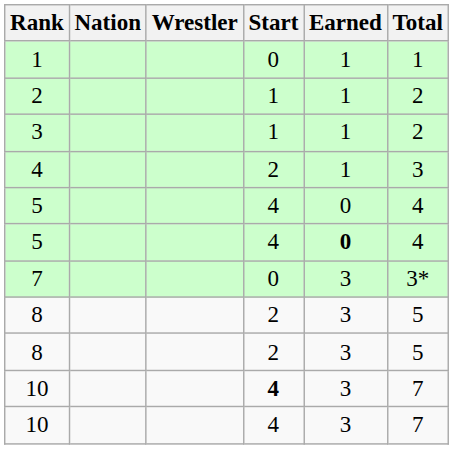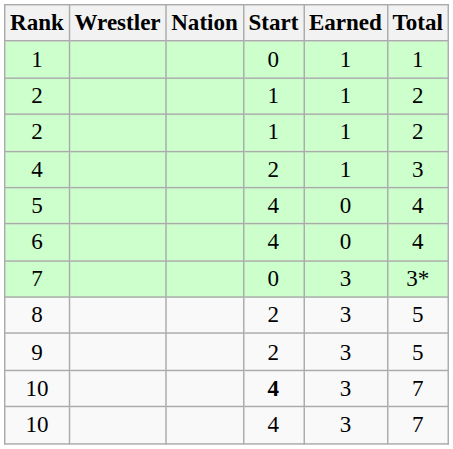 <table class="wikitable sortable" style="text-align:center;">
 <tr>
 <th>Rank</th>
+<th>Wrestler</th>
 <th>Nation</th>
-<th>Wrestler</th>
 <th>Start</th>
 <th>Earned</th>
 <th>Total</th>
 </tr>
 <tr style="background:#cfc;">
 <td>1</td>
 <td align=left></td>
 <td align=left></td>
 <td>0</td>
 <td>1</td>
 <td>1</td>
 </tr>
 <tr style="background:#cfc;">
 <td>2</td>
 <td align=left></td>
 <td align=left></td>
 <td>1</td>
 <td>1</td>
 <td>2</td>
 </tr>
 <tr style="background:#cfc;">
-<td>3</td>
+<td>2</td>
 <td align=left></td>
 <td align=left></td>
 <td>1</td>
 <td>1</td>
 <td>2</td>
 </tr>
 <tr style="background:#cfc;">
 <td>4</td>
 <td align=left></td>
 <td align=left></td>
 <td>2</td>
 <td>1</td>
 <td>3</td>
 </tr>
 <tr style="background:#cfc;">
 <td>5</td>
 <td align=left></td>
 <td align=left></td>
 <td>4</td>
 <td>0</td>
 <td>4</td>
 </tr>
 <tr style="background:#cfc;">
-<td>5</td>
+<td>6</td>
 <td align=left></td>
 <td align=left></td>
 <td>4</td>
-<td><strong>0</strong></td>
+<td>0</td>
 <td>4</td>
 </tr>
 <tr style="background:#cfc;">
 <td>7</td>
 <td align=left></td>
 <td align=left></td>
 <td>0</td>
 <td>3</td>
 <td>3*</td>
 </tr>
 <tr>
 <td>8</td>
 <td align=left></td>
 <td align=left></td>
 <td>2</td>
 <td>3</td>
 <td>5</td>
 </tr>
 <tr>
-<td>8</td>
+<td>9</td>
 <td align=left></td>
 <td align=left></td>
 <td>2</td>
 <td>3</td>
 <td>5</td>
 </tr>
 <tr>
 <td>10</td>
 <td align=left></td>
 <td align=left></td>
 <td><strong>4</strong></td>
 <td>3</td>
 <td>7</td>
 </tr>
 <tr>
 <td>10</td>
 <td align=left></td>
 <td align=left></td>
 <td>4</td>
 <td>3</td>
 <td>7</td>
 </tr>
 </table>
